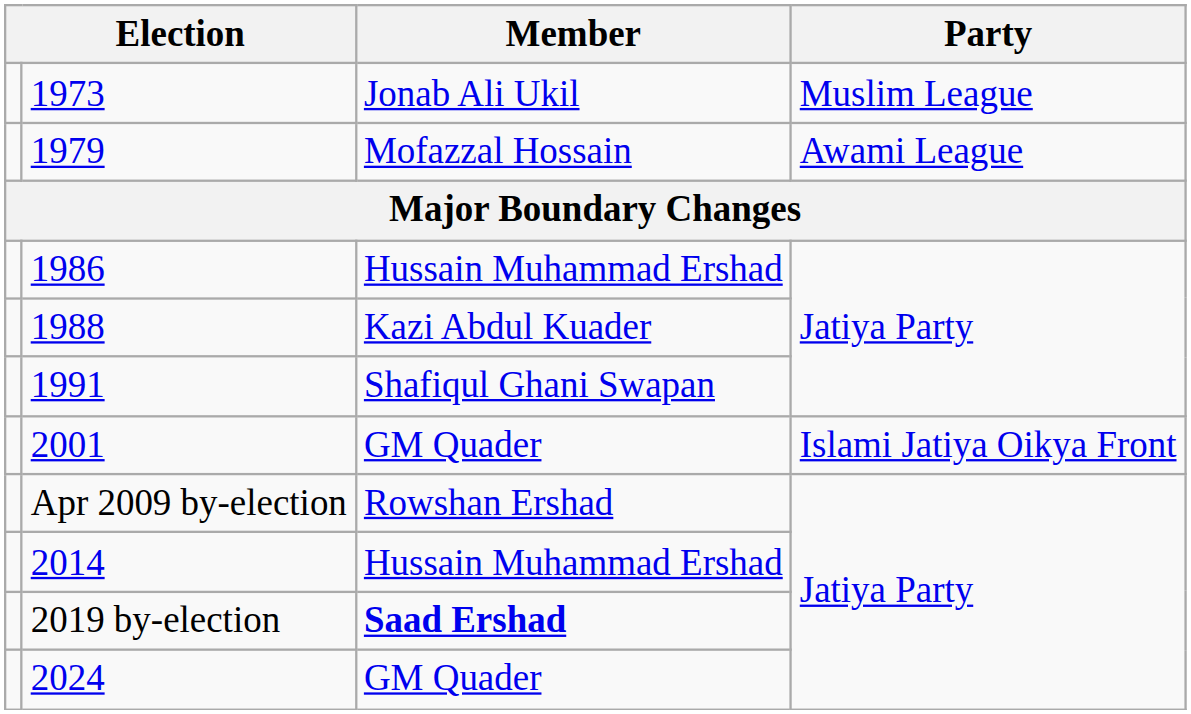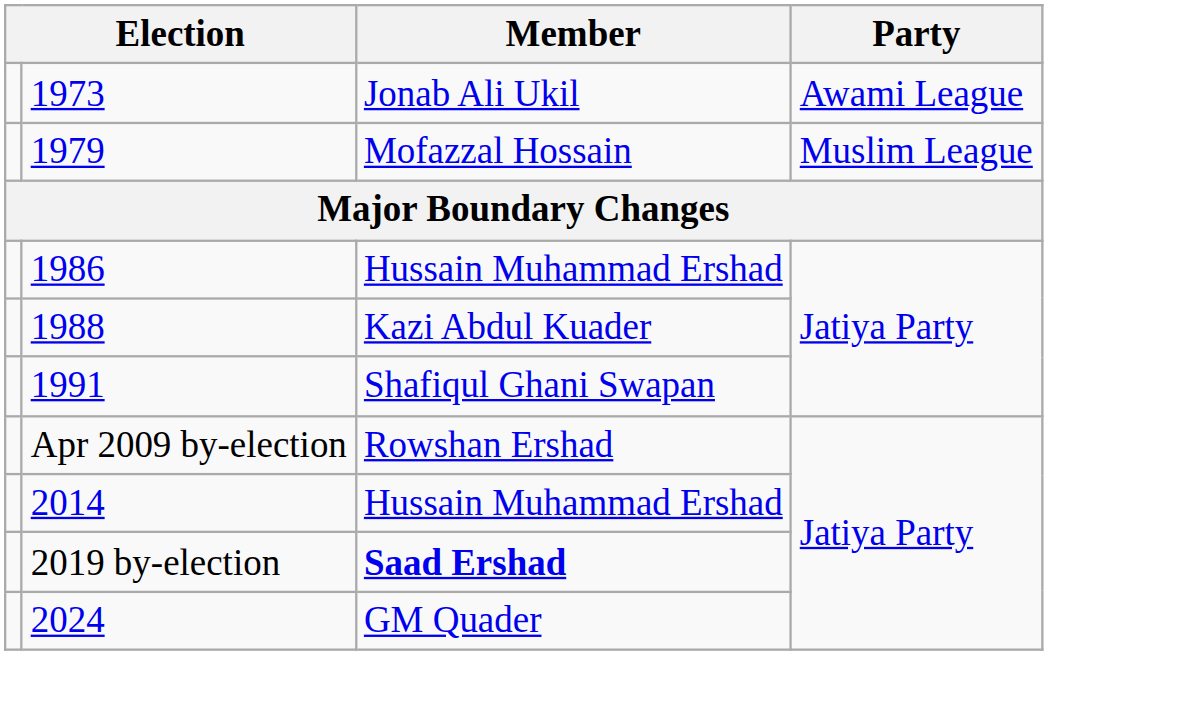 <table class="wikitable">
 <tr>
 <th colspan="2">Election</th>
 <th>Member</th>
 <th>Party</th>
 </tr>
 <tr>
 <td style="background-color:"></td>
 <td><a href='#'>1973</a></td>
 <td><a href='#'>Jonab Ali Ukil</a></td>
-<td><a href='#'>Muslim League</a></td>
+<td><a href='#'>Awami League</a></td>
 </tr>
 <tr>
 <td style="background-color:"></td>
 <td><a href='#'>1979</a></td>
 <td><a href='#'>Mofazzal Hossain</a></td>
-<td><a href='#'>Awami League</a></td>
+<td><a href='#'>Muslim League</a></td>
 </tr>
 <tr>
 <th colspan="4"><strong>Major Boundary Changes</strong></th>
 </tr>
 <tr>
 <td style="background-color:"></td>
 <td><a href='#'>1986</a></td>
 <td><a href='#'>Hussain Muhammad Ershad</a></td>
 <td rowspan="3"><a href='#'>Jatiya Party</a></td>
 </tr>
 <tr>
 <td style="background-color:"></td>
 <td><a href='#'>1988</a></td>
 <td><a href='#'>Kazi Abdul Kuader</a></td>
 </tr>
 <tr>
 <td style="background-color:"></td>
 <td><a href='#'>1991</a></td>
 <td><a href='#'>Shafiqul Ghani Swapan</a></td>
-</tr>
-<tr>
-<td style="background-color:"></td>
-<td><a href='#'>2001</a></td>
-<td><a href='#'>GM Quader</a></td>
-<td><a href='#'>Islami Jatiya Oikya Front</a></td>
 </tr>
 <tr>
 <td style="background-color:"></td>
 <td>Apr 2009 by-election</td>
 <td><a href='#'>Rowshan Ershad</a></td>
 <td rowspan="4"><a href='#'>Jatiya Party</a></td>
 </tr>
 <tr>
 <td style="background-color:"></td>
 <td><a href='#'>2014</a></td>
 <td><a href='#'>Hussain Muhammad Ershad</a></td>
 </tr>
 <tr>
 <td style="background-color:"></td>
 <td>2019 by-election</td>
 <td><strong><a href='#'>Saad Ershad</a></strong></td>
 </tr>
 <tr>
 <td style="background-color:"></td>
 <td><a href='#'>2024</a></td>
 <td><a href='#'>GM Quader</a></td>
 </tr>
 </table>
